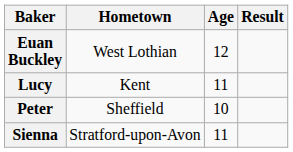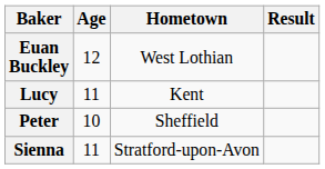 <table class="wikitable sortable" style="display:inline-table; text-align:center">
 <tr>
 <th scope="col">Baker</th>
+<th scope="col">Age</th>
 <th scope="col">Hometown</th>
-<th scope="col">Age</th>
 <th scope="col">Result</th>
 </tr>
 <tr>
 <th scope="row">Euan<br>Buckley</th>
+<td>12</td>
 <td>West Lothian</td>
-<td>12</td>
 <td></td>
 </tr>
 <tr>
 <th scope="row">Lucy</th>
+<td>11</td>
 <td>Kent</td>
-<td>11</td>
 <td></td>
 </tr>
 <tr>
 <th scope="row">Peter</th>
+<td>10</td>
 <td>Sheffield</td>
-<td>10</td>
 <td></td>
 </tr>
 <tr>
 <th scope="row">Sienna</th>
+<td>11</td>
 <td>Stratford-upon-Avon</td>
-<td>11</td>
 <td></td>
 </tr>
 </table>
